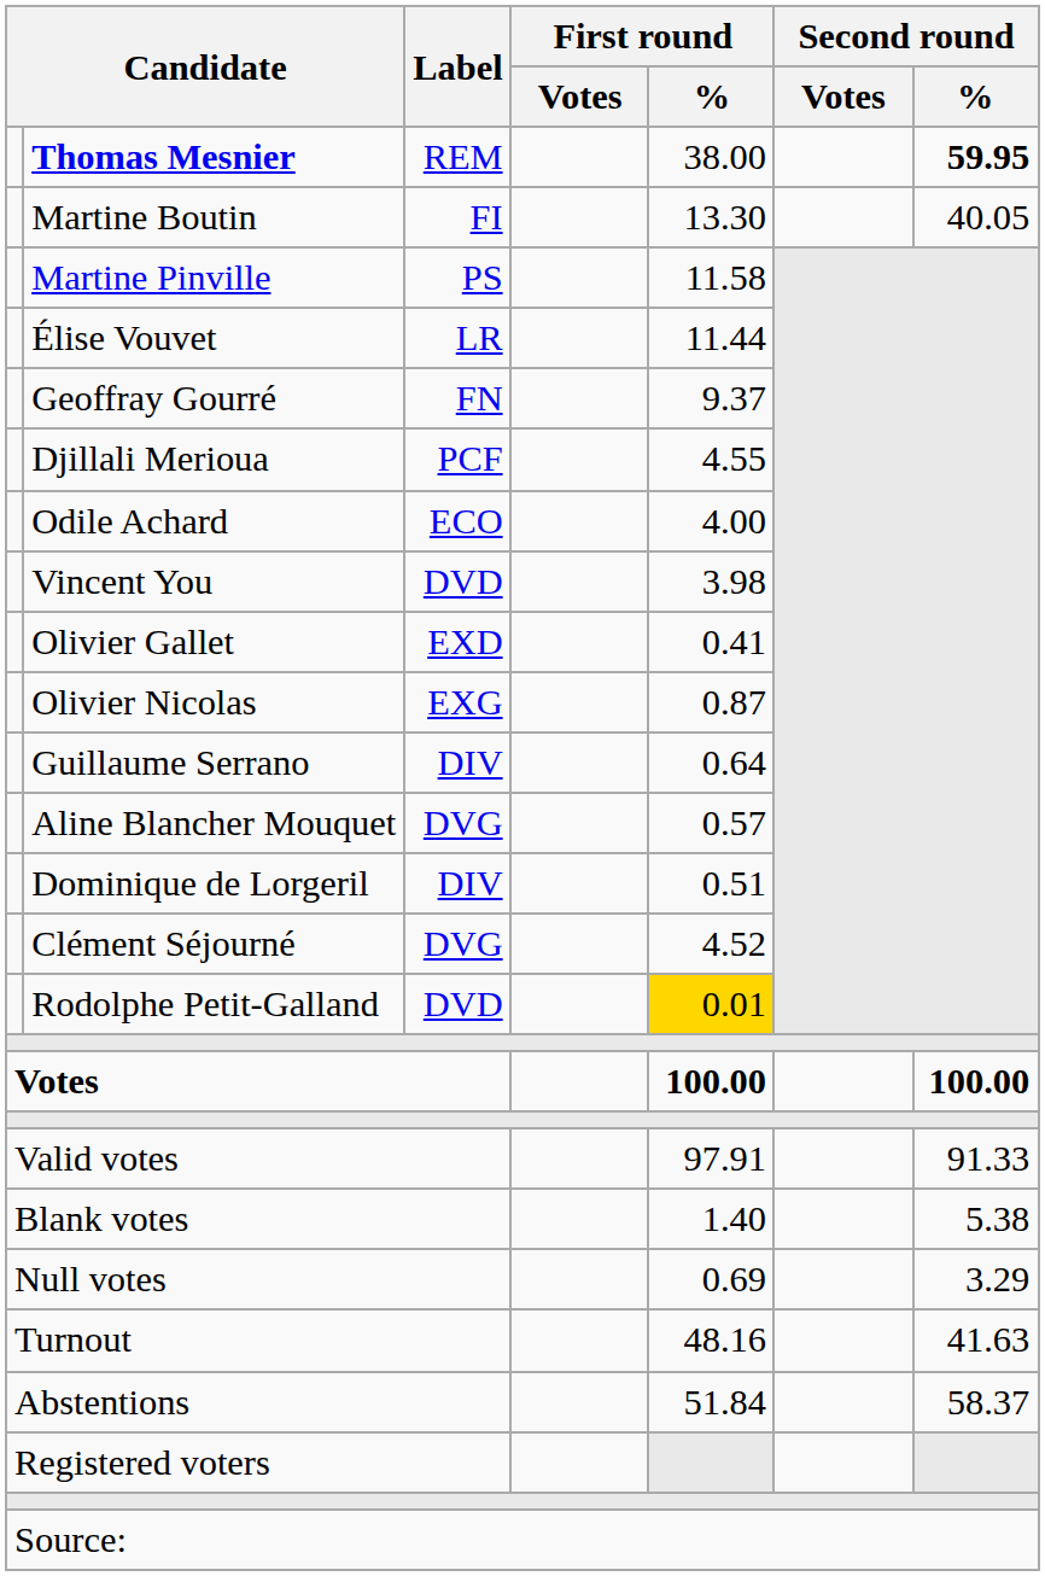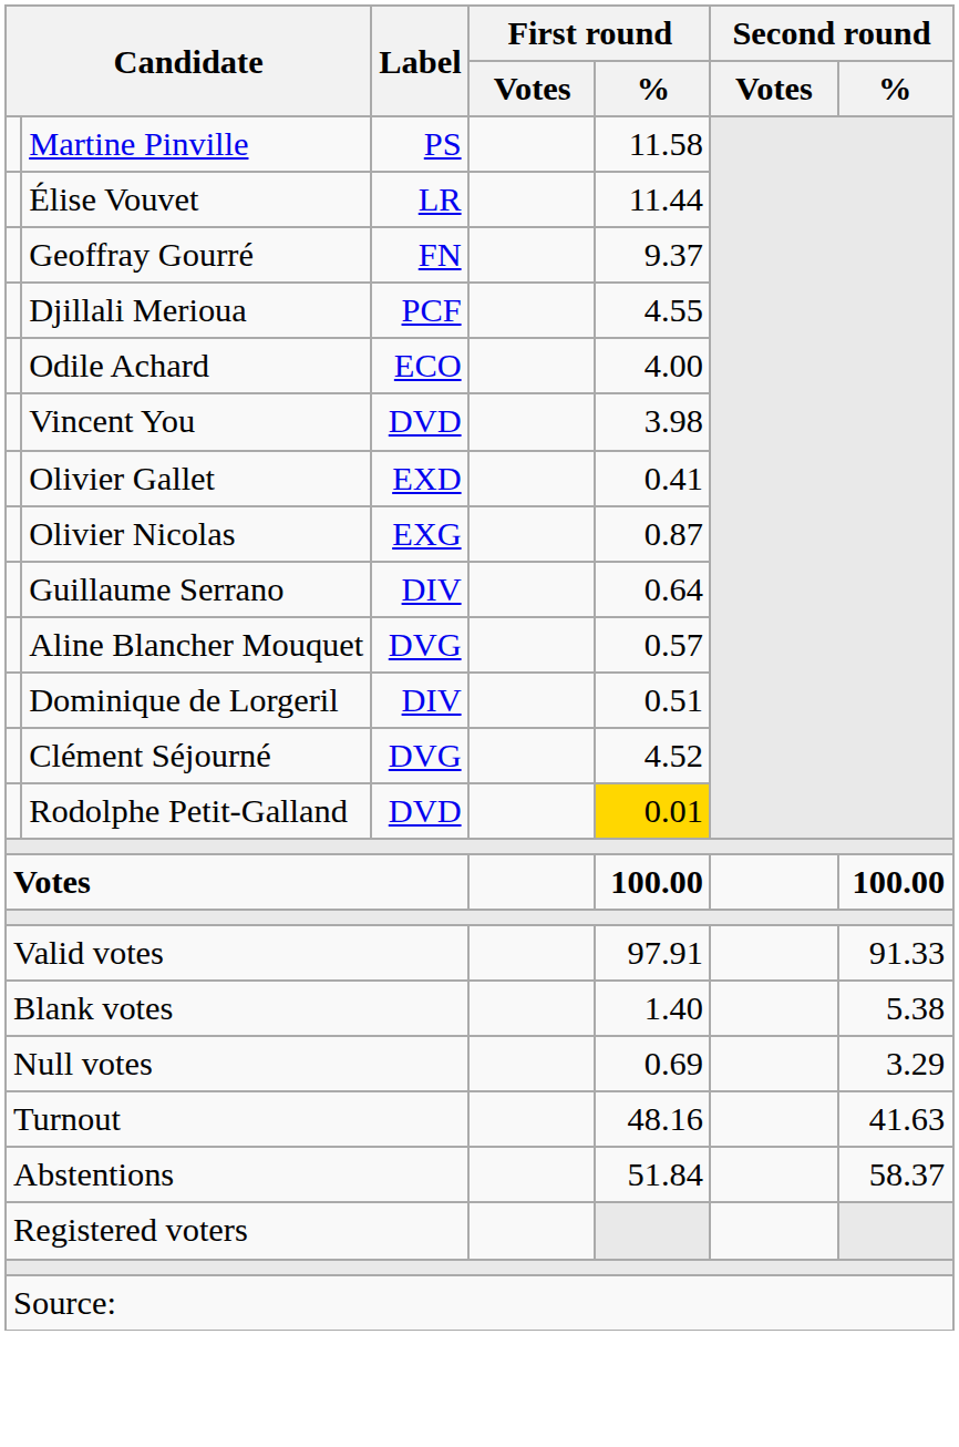 <table class="wikitable" style="text-align:right;font-size:95%;">
 <tr>
 <th colspan="2" rowspan="2">Candidate</th>
 <th rowspan="2">Label</th>
 <th colspan="2">First round</th>
 <th colspan="2">Second round</th>
 </tr>
 <tr>
 <th style="width:50px;">Votes</th>
 <th style="width:45px;">%</th>
 <th style="width:50px;">Votes</th>
 <th style="width:45px;">%</th>
-</tr>
-<tr>
-<td style="color:inherit;background:"></td>
-<td style="text-align:left;"><strong><a href='#'>Thomas Mesnier</a></strong></td>
-<td><a href='#'>REM</a></td>
-<td></td>
-<td>38.00</td>
-<td><strong></strong></td>
-<td><strong>59.95</strong></td>
-</tr>
-<tr>
-<td style="color:inherit;background:"></td>
-<td style="text-align:left;">Martine Boutin</td>
-<td><a href='#'>FI</a></td>
-<td></td>
-<td>13.30</td>
-<td></td>
-<td>40.05</td>
 </tr>
 <tr>
 <td style="color:inherit;background:"></td>
 <td style="text-align:left;"><a href='#'>Martine Pinville</a></td>
 <td><a href='#'>PS</a></td>
 <td></td>
 <td>11.58</td>
 <td colspan="2" rowspan="13" style="background:#E9E9E9;"></td>
 </tr>
 <tr>
 <td style="color:inherit;background:"></td>
 <td style="text-align:left;">Élise Vouvet</td>
 <td><a href='#'>LR</a></td>
 <td></td>
 <td>11.44</td>
 </tr>
 <tr>
 <td style="color:inherit;background:"></td>
 <td style="text-align:left;">Geoffray Gourré</td>
 <td><a href='#'>FN</a></td>
 <td></td>
 <td>9.37</td>
 </tr>
 <tr>
 <td style="color:inherit;background:"></td>
 <td style="text-align:left;">Djillali Merioua</td>
 <td><a href='#'>PCF</a></td>
 <td></td>
 <td>4.55</td>
 </tr>
 <tr>
 <td style="color:inherit;background:"></td>
 <td style="text-align:left;">Odile Achard</td>
 <td><a href='#'>ECO</a></td>
 <td></td>
 <td>4.00</td>
 </tr>
 <tr>
 <td style="color:inherit;background:"></td>
 <td style="text-align:left;">Vincent You</td>
 <td><a href='#'>DVD</a></td>
 <td></td>
 <td>3.98</td>
 </tr>
 <tr>
 <td style="color:inherit;background:"></td>
 <td style="text-align:left;">Olivier Gallet</td>
 <td><a href='#'>EXD</a></td>
 <td></td>
 <td>0.41</td>
 </tr>
 <tr>
 <td style="color:inherit;background:"></td>
 <td style="text-align:left;">Olivier Nicolas</td>
 <td><a href='#'>EXG</a></td>
 <td></td>
 <td>0.87</td>
 </tr>
 <tr>
 <td style="color:inherit;background:"></td>
 <td style="text-align:left;">Guillaume Serrano</td>
 <td><a href='#'>DIV</a></td>
 <td></td>
 <td>0.64</td>
 </tr>
 <tr>
 <td style="color:inherit;background:"></td>
 <td style="text-align:left;">Aline Blancher Mouquet</td>
 <td><a href='#'>DVG</a></td>
 <td></td>
 <td>0.57</td>
 </tr>
 <tr>
 <td style="color:inherit;background:"></td>
 <td style="text-align:left;">Dominique de Lorgeril</td>
 <td><a href='#'>DIV</a></td>
 <td></td>
 <td>0.51</td>
 </tr>
 <tr>
 <td style="color:inherit;background:"></td>
 <td style="text-align:left;">Clément Séjourné</td>
 <td><a href='#'>DVG</a></td>
 <td></td>
 <td>4.52</td>
 </tr>
 <tr>
 <td style="color:inherit;background:"></td>
 <td style="text-align:left;">Rodolphe Petit-Galland</td>
 <td><a href='#'>DVD</a></td>
 <td></td>
 <td style="background: gold;">0.01</td>
 </tr>
 <tr>
 <td colspan="7" style="background:#E9E9E9;"></td>
 </tr>
 <tr style="font-weight:bold;">
 <td colspan="3" style="text-align:left;">Votes</td>
 <td></td>
 <td>100.00</td>
 <td></td>
 <td>100.00</td>
 </tr>
 <tr>
 <td colspan="7" style="background:#E9E9E9;"></td>
 </tr>
 <tr>
 <td colspan="3" style="text-align:left;">Valid votes</td>
 <td></td>
 <td>97.91</td>
 <td></td>
 <td>91.33</td>
 </tr>
 <tr>
 <td colspan="3" style="text-align:left;">Blank votes</td>
 <td></td>
 <td>1.40</td>
 <td></td>
 <td>5.38</td>
 </tr>
 <tr>
 <td colspan="3" style="text-align:left;">Null votes</td>
 <td></td>
 <td>0.69</td>
 <td></td>
 <td>3.29</td>
 </tr>
 <tr>
 <td colspan="3" style="text-align:left;">Turnout</td>
 <td></td>
 <td>48.16</td>
 <td></td>
 <td>41.63</td>
 </tr>
 <tr>
 <td colspan="3" style="text-align:left;">Abstentions</td>
 <td></td>
 <td>51.84</td>
 <td></td>
 <td>58.37</td>
 </tr>
 <tr>
 <td colspan="3" style="text-align:left;">Registered voters</td>
 <td></td>
 <td style="color:inherit;background:#E9E9E9;"></td>
 <td></td>
 <td style="color:inherit;background:#E9E9E9;"></td>
 </tr>
 <tr>
 <td colspan="7" style="background:#E9E9E9;"></td>
 </tr>
 <tr>
 <td colspan="7" style="text-align:left;">Source: </td>
 </tr>
 </table>
